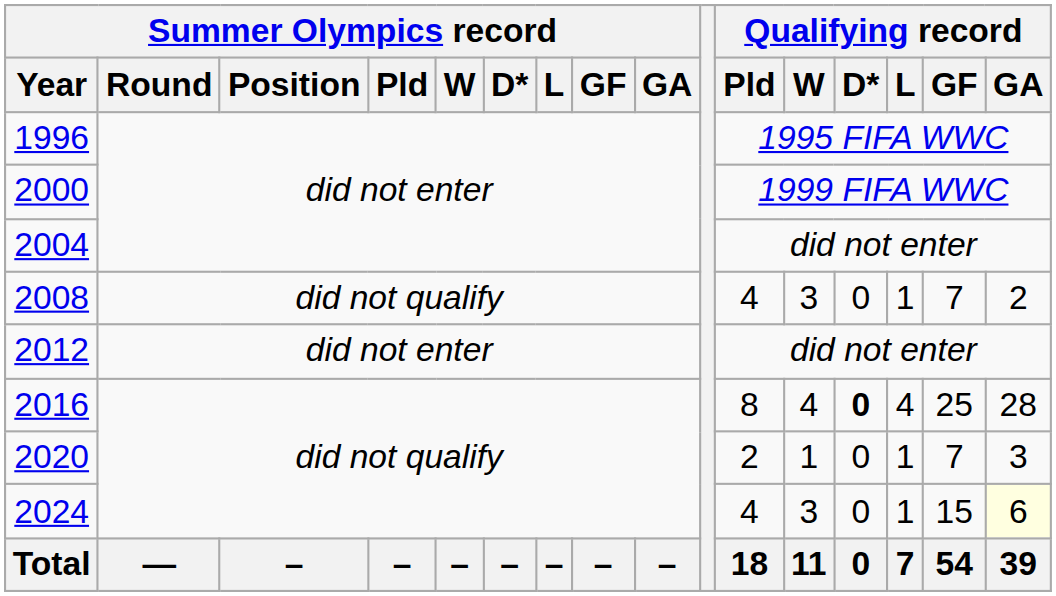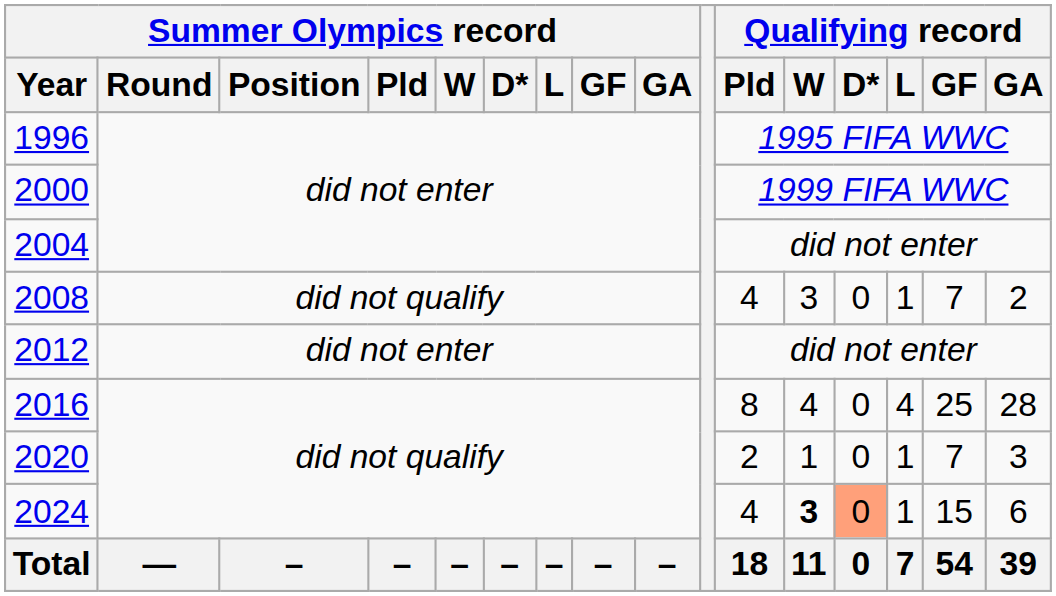 <table class="wikitable" style="text-align: center;">
 <tr>
 <th colspan=9><a href='#'>Summer Olympics</a> record</th>
 <th rowspan=12></th>
 <th colspan=6><a href='#'>Qualifying</a> record</th>
 </tr>
 <tr>
 <th>Year</th>
 <th>Round</th>
 <th>Position</th>
 <th>Pld</th>
 <th>W</th>
 <th>D*</th>
 <th>L</th>
 <th>GF</th>
 <th>GA</th>
 <th>Pld</th>
 <th>W</th>
 <th>D*</th>
 <th>L</th>
 <th>GF</th>
 <th>GA</th>
 </tr>
 <tr>
 <td> <a href='#'>1996</a></td>
 <td colspan=8 rowspan=3><em>did not enter</em></td>
 <td colspan=6><em><a href='#'>1995 FIFA WWC</a></em></td>
 </tr>
 <tr>
 <td> <a href='#'>2000</a></td>
 <td colspan=6><em><a href='#'>1999 FIFA WWC</a></em></td>
 </tr>
 <tr>
 <td> <a href='#'>2004</a></td>
 <td colspan=6><em>did not enter</em></td>
 </tr>
 <tr>
 <td> <a href='#'>2008</a></td>
 <td colspan=8><em>did not qualify</em></td>
 <td>4</td>
 <td>3</td>
 <td>0</td>
 <td>1</td>
 <td>7</td>
 <td>2</td>
 </tr>
 <tr>
 <td> <a href='#'>2012</a></td>
 <td colspan=8><em>did not enter</em></td>
 <td colspan=6><em>did not enter</em></td>
 </tr>
 <tr>
 <td> <a href='#'>2016</a></td>
 <td colspan=8 rowspan=3><em>did not qualify</em></td>
 <td>8</td>
 <td>4</td>
-<td><strong>0</strong></td>
+<td>0</td>
 <td>4</td>
 <td>25</td>
 <td>28</td>
 </tr>
 <tr>
 <td> <a href='#'>2020</a></td>
 <td>2</td>
 <td>1</td>
 <td>0</td>
 <td>1</td>
 <td>7</td>
 <td>3</td>
 </tr>
 <tr>
 <td> <a href='#'>2024</a></td>
 <td>4</td>
-<td>3</td>
-<td>0</td>
+<td><strong>3</strong></td>
+<td style="background: lightsalmon;">0</td>
 <td>1</td>
 <td>15</td>
-<td style="background: lightyellow;">6</td>
+<td>6</td>
 </tr>
 <tr>
 <th>Total</th>
 <th>—</th>
 <th>–</th>
 <th>–</th>
 <th>–</th>
 <th>–</th>
 <th>–</th>
 <th>–</th>
 <th>–</th>
 <th>18</th>
 <th>11</th>
 <th>0</th>
 <th>7</th>
 <th>54</th>
 <th>39</th>
 </tr>
 </table>
